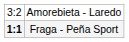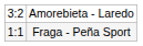 <table class="wikitable">
 <tr align=center bgcolor=white>
 <td>3:2</td>
 <td>Amorebieta - Laredo</td>
 </tr>
 <tr align=center bgcolor=#F5F5F5>
-<td><strong>1:1</strong></td>
+<td>1:1</td>
 <td>Fraga - Peña Sport</td>
 </tr>
 </table>
